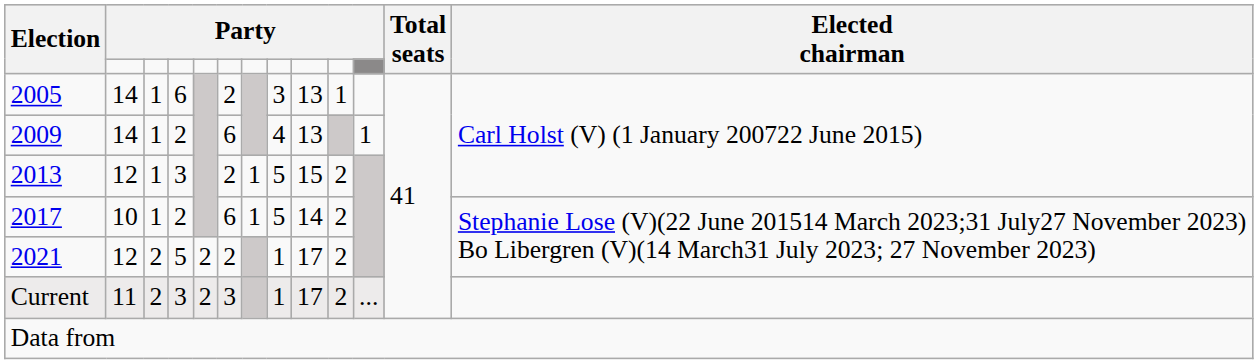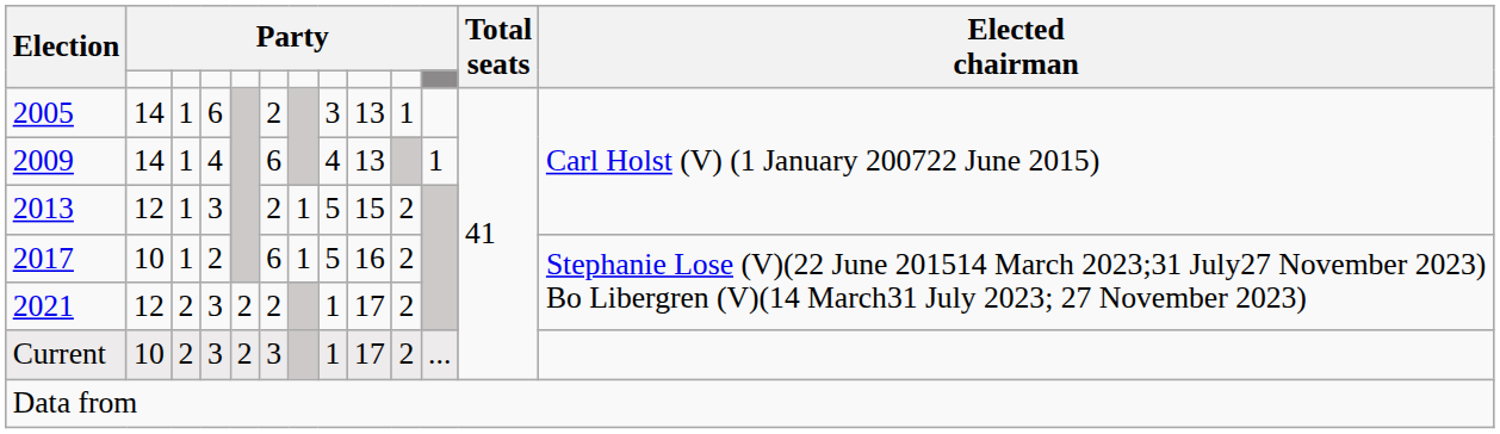 <table class="wikitable">
 <tr>
 <th rowspan="2">Election</th>
 <th colspan="10">Party</th>
 <th rowspan="2">Total<br>seats</th>
 <th rowspan="2">Elected<br>chairman</th>
 </tr>
 <tr>
 <td style="background:"><strong><a href='#'></a></strong></td>
 <td style="background:"><strong><a href='#'></a></strong></td>
 <td style="background:"><strong><a href='#'></a></strong></td>
 <td style="background:"><strong><a href='#'></a></strong></td>
 <td style="background:"><strong><a href='#'></a></strong></td>
 <td style="background:"><strong><a href='#'></a></strong></td>
 <td style="background:"><strong><a href='#'></a></strong></td>
 <td style="background:"><strong><a href='#'></a></strong></td>
 <td style="background:"><strong><a href='#'></a></strong></td>
 <td style="background:#8B8989;"><strong></strong></td>
 </tr>
 <tr>
 <td><a href='#'>2005</a></td>
 <td>14</td>
 <td>1</td>
 <td>6</td>
 <td rowspan="4" style="background:#CDC9C9;"></td>
 <td>2</td>
 <td style="background:#CDC9C9;" rowspan="2"></td>
 <td>3</td>
 <td>13</td>
 <td>1</td>
 <td></td>
 <td rowspan="6">41</td>
 <td rowspan="3"><a href='#'>Carl Holst</a> (V) (1 January 200722 June 2015)</td>
 </tr>
 <tr>
 <td><a href='#'>2009</a></td>
 <td>14</td>
 <td>1</td>
-<td>2</td>
+<td>4</td>
 <td>6</td>
 <td>4</td>
 <td>13</td>
 <td style="background:#CDC9C9;"></td>
 <td>1</td>
 </tr>
 <tr>
 <td><a href='#'>2013</a></td>
 <td>12</td>
 <td>1</td>
 <td>3</td>
 <td>2</td>
 <td>1</td>
 <td>5</td>
 <td>15</td>
 <td>2</td>
 <td style="background:#CDC9C9;" rowspan="3"></td>
 </tr>
 <tr>
 <td><a href='#'>2017</a></td>
 <td>10</td>
 <td>1</td>
 <td>2</td>
 <td>6</td>
 <td>1</td>
 <td>5</td>
-<td>14</td>
+<td>16</td>
 <td>2</td>
 <td rowspan="2"><a href='#'>Stephanie Lose</a> (V)(22 June 201514 March 2023;31 July27 November 2023)<br>Bo Libergren (V)(14 March31 July 2023; 27 November 2023)<br></td>
 </tr>
 <tr>
 <td><a href='#'>2021</a></td>
 <td>12</td>
 <td>2</td>
-<td>5</td>
+<td>3</td>
 <td>2</td>
 <td>2</td>
 <td style="background:#CDC9C9;"></td>
 <td>1</td>
 <td>17</td>
 <td>2</td>
 </tr>
 <tr style="background:#edebeb;">
 <td>Current</td>
-<td>11</td>
+<td>10</td>
 <td>2</td>
 <td>3</td>
 <td>2</td>
 <td>3</td>
 <td style="background:#CDC9C9;"></td>
 <td>1</td>
 <td>17</td>
 <td>2</td>
 <td>...</td>
 </tr>
 <tr>
 <td colspan="97">Data from </td>
 </tr>
 </table>
